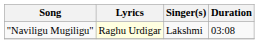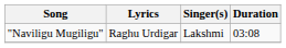 <table class="wikitable" style="font-size:95%;">
 <tr>
 <th>Song</th>
 <th>Lyrics</th>
 <th>Singer(s)</th>
 <th>Duration</th>
 </tr>
 <tr>
 <td>"Naviligu Mugiligu"</td>
-<td style="background: lightyellow;">Raghu Urdigar</td>
+<td>Raghu Urdigar</td>
 <td>Lakshmi</td>
 <td>03:08</td>
 </tr>
 <tr>
 </tr>
 </table>
